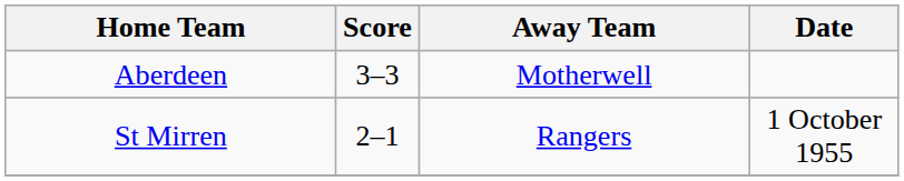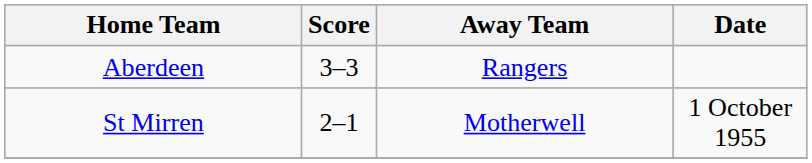 <table class="wikitable" style="text-align:center;">
 <tr>
 <th width=175>Home Team</th>
 <th width=20>Score</th>
 <th width=175>Away Team</th>
 <th width= 75>Date</th>
 </tr>
 <tr>
 <td><a href='#'>Aberdeen</a></td>
 <td>3–3</td>
-<td><a href='#'>Motherwell</a></td>
+<td><a href='#'>Rangers</a></td>
 <td></td>
 </tr>
 <tr>
 <td><a href='#'>St Mirren</a></td>
 <td>2–1</td>
-<td><a href='#'>Rangers</a></td>
+<td><a href='#'>Motherwell</a></td>
 <td>1 October 1955</td>
 </tr>
 <tr>
 </tr>
 </table>
